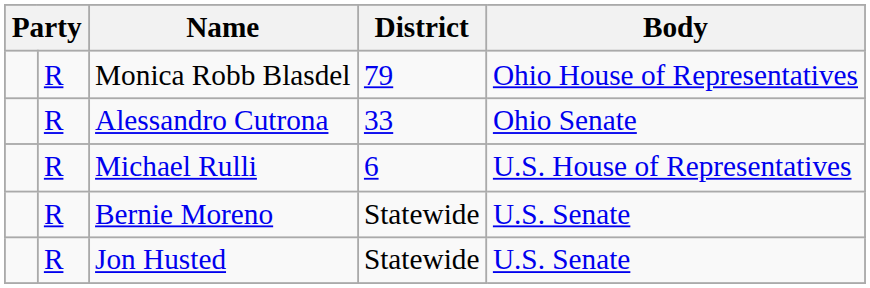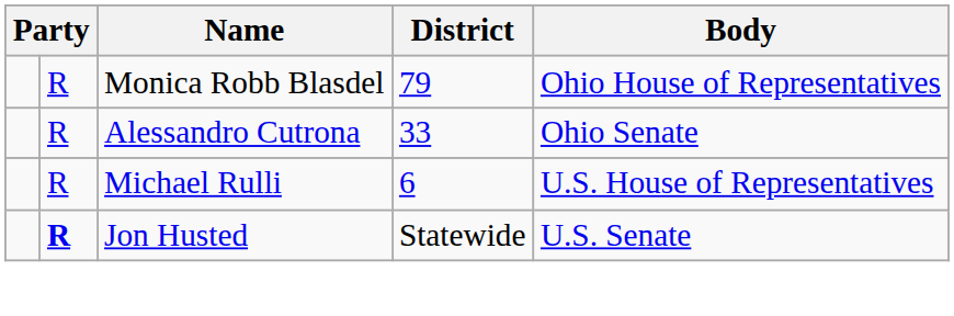 <table class=wikitable>
 <tr>
 <th colspan="2" style="text-align:center; vertical-align:bottom;">Party</th>
 <th style="text-align:center;">Name</th>
 <th valign=bottom>District</th>
 <th valign=bottom>Body</th>
 </tr>
 <tr>
 <td style="background-color:"> </td>
 <td><a href='#'>R</a></td>
 <td>Monica Robb Blasdel</td>
 <td><a href='#'>79</a></td>
 <td><a href='#'>Ohio House of Representatives</a></td>
 </tr>
 <tr>
 <td style="background-color:"> </td>
 <td><a href='#'>R</a></td>
 <td><a href='#'>Alessandro Cutrona</a></td>
 <td><a href='#'>33</a></td>
 <td><a href='#'>Ohio Senate</a></td>
 </tr>
 <tr>
 <td style="background-color:"> </td>
 <td><a href='#'>R</a></td>
 <td><a href='#'>Michael Rulli</a></td>
 <td><a href='#'>6</a></td>
 <td><a href='#'>U.S. House of Representatives</a></td>
 </tr>
 <tr>
 <td style="background-color:"> </td>
-<td><a href='#'>R</a></td>
-<td><a href='#'>Bernie Moreno</a></td>
-<td>Statewide</td>
-<td><a href='#'>U.S. Senate</a></td>
-</tr>
-<tr>
-<td style="background-color:"> </td>
-<td><a href='#'>R</a></td>
+<td><strong><a href='#'>R</a></strong></td>
 <td><a href='#'>Jon Husted</a></td>
 <td>Statewide</td>
 <td><a href='#'>U.S. Senate</a></td>
 </tr>
 </table>
